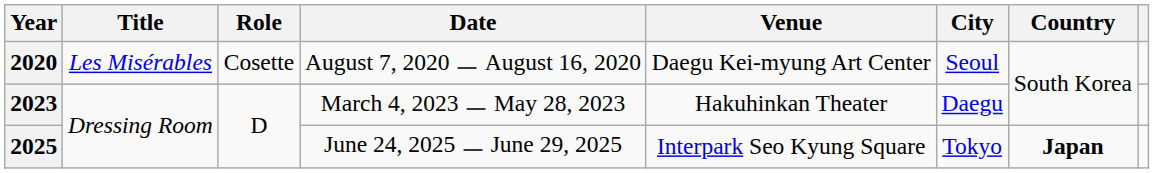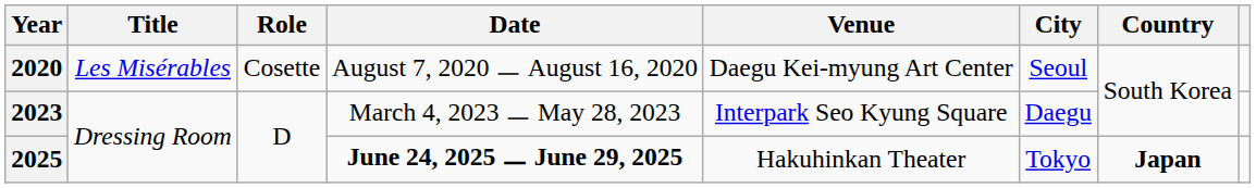 <table class="wikitable plainrowheaders" style="text-align:center">
 <tr>
 <th scope="col">Year</th>
 <th scope="col">Title</th>
 <th scope="col">Role</th>
 <th scope="col">Date</th>
 <th scope="col">Venue</th>
 <th scope="col">City</th>
 <th scope="col">Country</th>
 <th scope="col" class="unsortable"></th>
 </tr>
 <tr>
 <th scope="row">2020</th>
 <td><a href='#'><em>Les Misérables</em></a></td>
 <td>Cosette</td>
 <td>August 7, 2020 ㅡ August 16, 2020</td>
 <td>Daegu Kei-myung Art Center</td>
 <td><a href='#'>Seoul</a></td>
 <td rowspan="2">South Korea</td>
 <td></td>
 </tr>
 <tr>
 <th scope="row">2023</th>
 <td rowspan="2"><em>Dressing Room</em></td>
 <td rowspan="2">D</td>
 <td>March 4, 2023 ㅡ May 28, 2023</td>
-<td>Hakuhinkan Theater</td>
+<td><a href='#'>Interpark</a> Seo Kyung Square</td>
 <td><a href='#'>Daegu</a></td>
 <td></td>
 </tr>
 <tr>
 <th scope="row">2025</th>
-<td>June 24, 2025 ㅡ June 29, 2025</td>
-<td><a href='#'>Interpark</a> Seo Kyung Square</td>
+<td><strong>June 24, 2025 ㅡ June 29, 2025</strong></td>
+<td>Hakuhinkan Theater</td>
 <td><a href='#'>Tokyo</a></td>
 <td><strong>Japan</strong></td>
 <td></td>
 </tr>
 </table>
